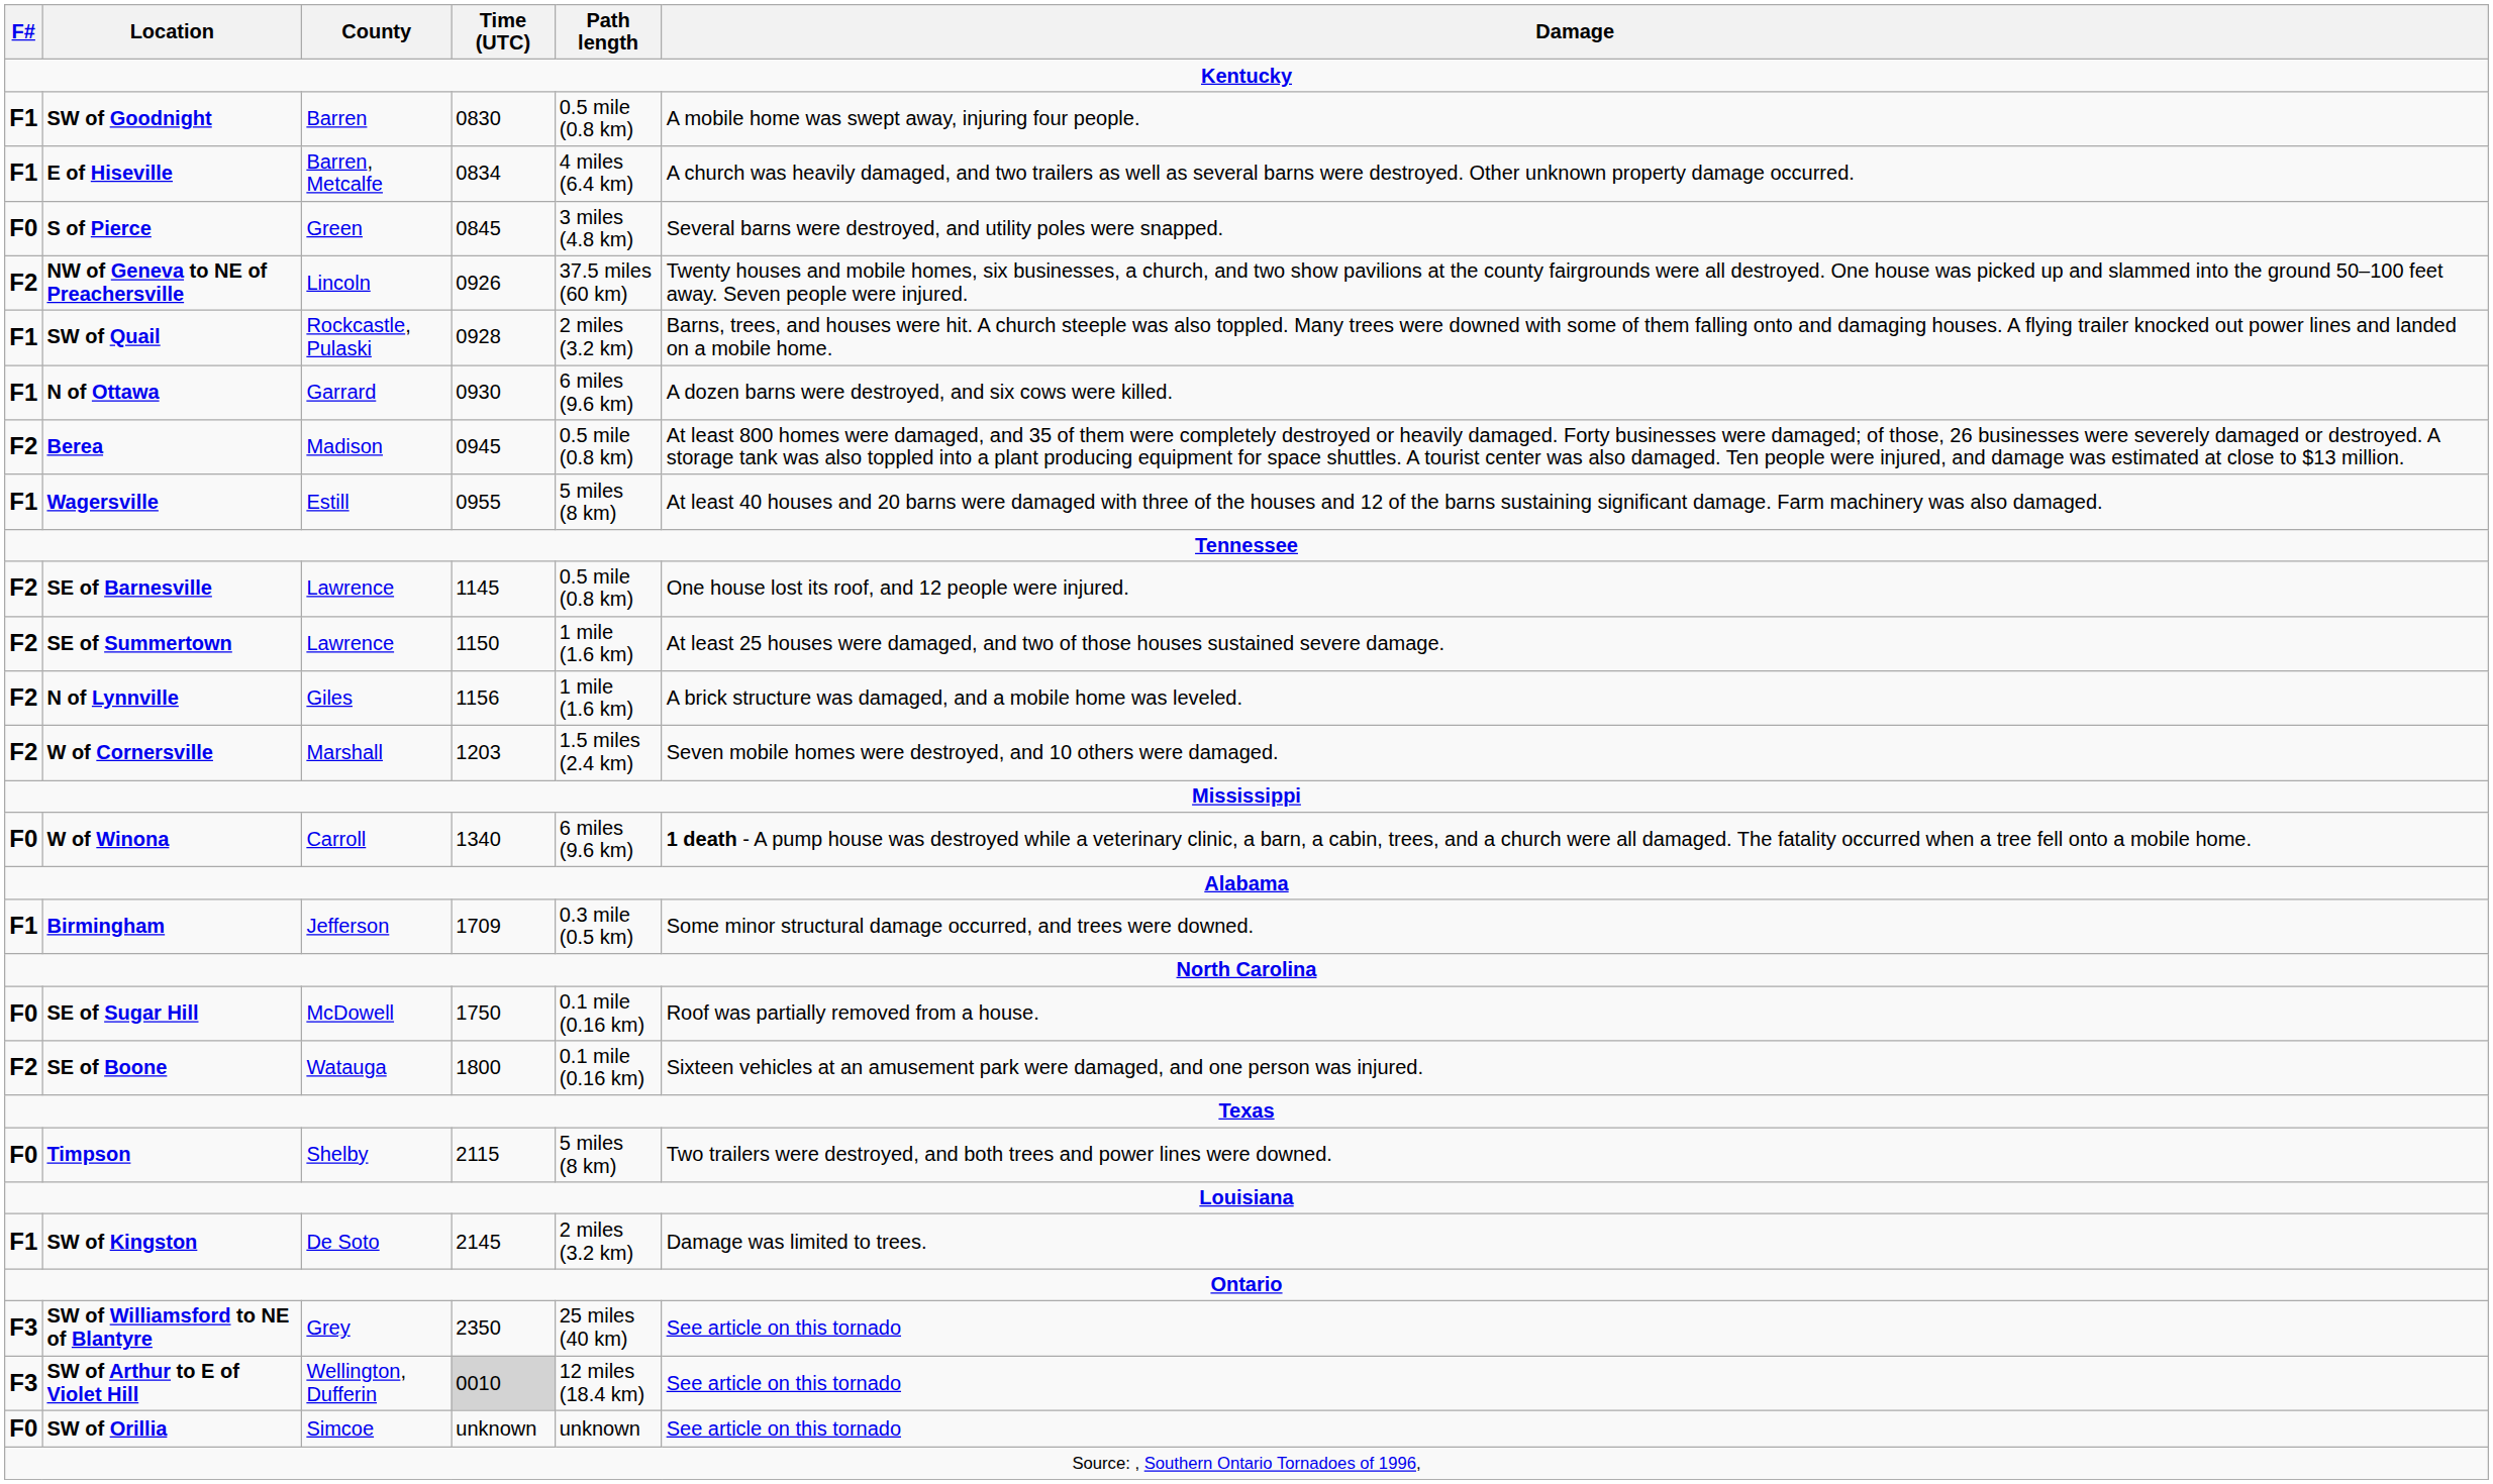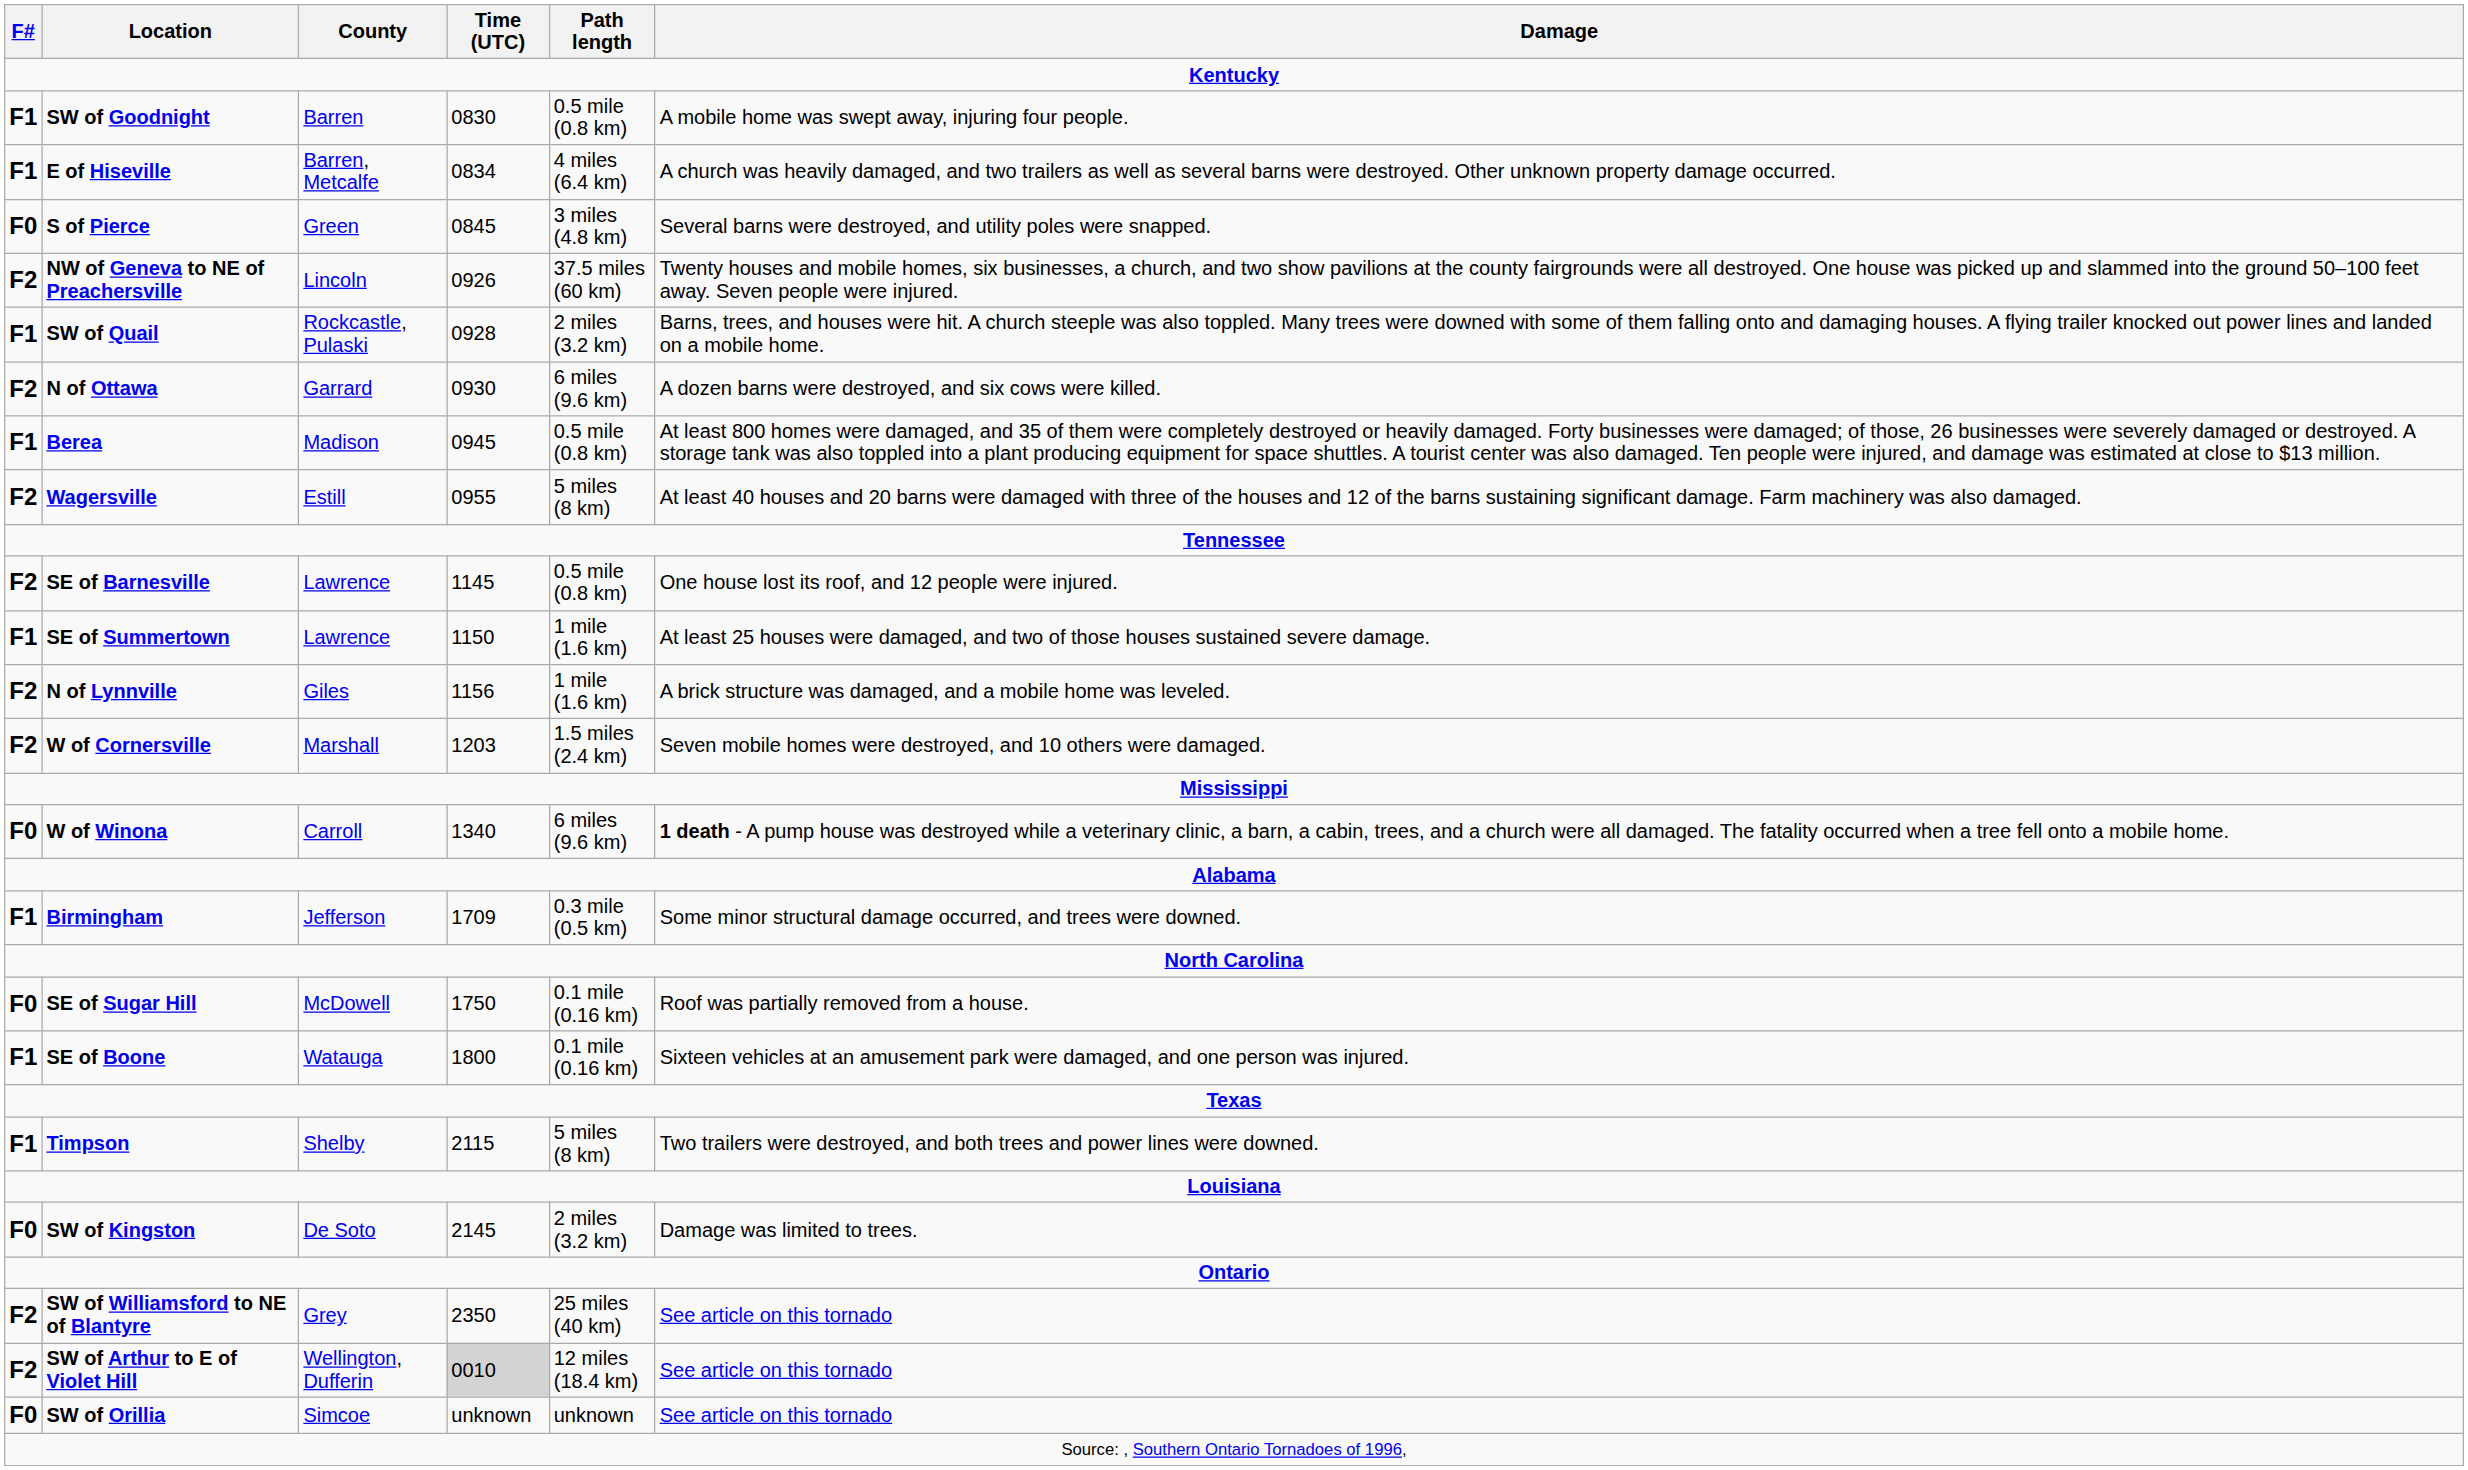 <table class="wikitable">
 <tr>
 <th><strong><a href='#'>F#</a></strong></th>
 <th><strong>Location</strong></th>
 <th><strong>County</strong></th>
 <th><strong>Time (UTC)</strong></th>
 <th><strong>Path length</strong></th>
 <th><strong>Damage</strong></th>
 </tr>
 <tr>
 <td colspan="7" align=center><strong><a href='#'>Kentucky</a></strong></td>
 </tr>
 <tr>
 <td><big><strong>F1</strong></big></td>
 <td><strong>SW of <a href='#'>Goodnight</a></strong></td>
 <td><a href='#'>Barren</a></td>
 <td>0830</td>
 <td>0.5 mile <br>(0.8 km)</td>
 <td>A mobile home was swept away, injuring four people.</td>
 </tr>
 <tr>
 <td><big><strong>F1</strong></big></td>
 <td><strong>E of <a href='#'>Hiseville</a></strong></td>
 <td><a href='#'>Barren</a>, <a href='#'>Metcalfe</a></td>
 <td>0834</td>
 <td>4 miles <br>(6.4 km)</td>
 <td>A church was heavily damaged, and two trailers as well as several barns were destroyed. Other unknown property damage occurred.</td>
 </tr>
 <tr>
 <td><big><strong>F0</strong></big></td>
 <td><strong>S of <a href='#'>Pierce</a></strong></td>
 <td><a href='#'>Green</a></td>
 <td>0845</td>
 <td>3 miles <br>(4.8 km)</td>
 <td>Several barns were destroyed, and utility poles were snapped.</td>
 </tr>
 <tr>
 <td><big><strong>F2</strong></big></td>
 <td><strong>NW of <a href='#'>Geneva</a> to NE of <a href='#'>Preachersville</a></strong></td>
 <td><a href='#'>Lincoln</a></td>
 <td>0926</td>
 <td>37.5 miles <br> (60 km)</td>
 <td>Twenty houses and mobile homes, six businesses, a church, and two show pavilions at the county fairgrounds were all destroyed. One house was picked up and slammed into the ground 50–100 feet away. Seven people were injured.</td>
 </tr>
 <tr>
 <td><big><strong>F1</strong></big></td>
 <td><strong>SW of <a href='#'>Quail</a></strong></td>
 <td><a href='#'>Rockcastle</a>, <a href='#'>Pulaski</a></td>
 <td>0928</td>
 <td>2 miles <br>(3.2 km)</td>
 <td>Barns, trees, and houses were hit. A church steeple was also toppled. Many trees were downed with some of them falling onto and damaging houses. A flying trailer knocked out power lines and landed on a mobile home.</td>
 </tr>
 <tr>
-<td><big><strong>F1</strong></big></td>
+<td><big><strong>F2</strong></big></td>
 <td><strong>N of <a href='#'>Ottawa</a></strong></td>
 <td><a href='#'>Garrard</a></td>
 <td>0930</td>
 <td>6 miles <br>(9.6 km)</td>
 <td>A dozen barns were destroyed, and six cows were killed.</td>
 </tr>
 <tr>
-<td><big><strong>F2</strong></big></td>
+<td><big><strong>F1</strong></big></td>
 <td><strong><a href='#'>Berea</a></strong></td>
 <td><a href='#'>Madison</a></td>
 <td>0945</td>
 <td>0.5 mile <br>(0.8 km)</td>
 <td>At least 800 homes were damaged, and 35 of them were completely destroyed or heavily damaged. Forty businesses were damaged; of those, 26 businesses were severely damaged or destroyed. A storage tank was also toppled into a plant producing equipment for space shuttles. A tourist center was also damaged. Ten people were injured, and damage was estimated at close to $13 million.</td>
 </tr>
 <tr>
-<td><big><strong>F1</strong></big></td>
+<td><big><strong>F2</strong></big></td>
 <td><strong><a href='#'>Wagersville</a></strong></td>
 <td><a href='#'>Estill</a></td>
 <td>0955</td>
 <td>5 miles <br>(8 km)</td>
 <td>At least 40 houses and 20 barns were damaged with three of the houses and 12 of the barns sustaining significant damage. Farm machinery was also damaged.</td>
 </tr>
 <tr>
 <td colspan="7" align=center><strong><a href='#'>Tennessee</a></strong></td>
 </tr>
 <tr>
 <td><big><strong>F2</strong></big></td>
 <td><strong>SE of <a href='#'>Barnesville</a></strong></td>
 <td><a href='#'>Lawrence</a></td>
 <td>1145</td>
 <td>0.5 mile <br>(0.8 km)</td>
 <td>One house lost its roof, and 12 people were injured.</td>
 </tr>
 <tr>
-<td><big><strong>F2</strong></big></td>
+<td><big><strong>F1</strong></big></td>
 <td><strong>SE of <a href='#'>Summertown</a></strong></td>
 <td><a href='#'>Lawrence</a></td>
 <td>1150</td>
 <td>1 mile <br>(1.6 km)</td>
 <td>At least 25 houses were damaged, and two of those houses sustained severe damage.</td>
 </tr>
 <tr>
 <td><big><strong>F2</strong></big></td>
 <td><strong>N of <a href='#'>Lynnville</a></strong></td>
 <td><a href='#'>Giles</a></td>
 <td>1156</td>
 <td>1 mile <br>(1.6 km)</td>
 <td>A brick structure was damaged, and a mobile home was leveled.</td>
 </tr>
 <tr>
 <td><big><strong>F2</strong></big></td>
 <td><strong>W of <a href='#'>Cornersville</a></strong></td>
 <td><a href='#'>Marshall</a></td>
 <td>1203</td>
 <td>1.5 miles <br>(2.4 km)</td>
 <td>Seven mobile homes were destroyed, and 10 others were damaged.</td>
 </tr>
 <tr>
 <td colspan="7" align=center><strong><a href='#'>Mississippi</a></strong></td>
 </tr>
 <tr>
 <td><big><strong>F0</strong></big></td>
 <td><strong>W of <a href='#'>Winona</a></strong></td>
 <td><a href='#'>Carroll</a></td>
 <td>1340</td>
 <td>6 miles <br>(9.6 km)</td>
 <td><strong>1 death</strong> - A pump house was destroyed while a veterinary clinic, a barn, a cabin, trees, and a church were all damaged. The fatality occurred when a tree fell onto a mobile home.</td>
 </tr>
 <tr>
 <td colspan="7" align=center><strong><a href='#'>Alabama</a></strong></td>
 </tr>
 <tr>
 <td><big><strong>F1</strong></big></td>
 <td><strong><a href='#'>Birmingham</a></strong></td>
 <td><a href='#'>Jefferson</a></td>
 <td>1709</td>
 <td>0.3 mile <br>(0.5 km)</td>
 <td>Some minor structural damage occurred, and trees were downed.</td>
 </tr>
 <tr>
 <td colspan="7" align=center><strong><a href='#'>North Carolina</a></strong></td>
 </tr>
 <tr>
 <td><big><strong>F0</strong></big></td>
 <td><strong>SE of <a href='#'>Sugar Hill</a></strong></td>
 <td><a href='#'>McDowell</a></td>
 <td>1750</td>
 <td>0.1 mile <br>(0.16 km)</td>
 <td>Roof was partially removed from a house.</td>
 </tr>
 <tr>
-<td><big><strong>F2</strong></big></td>
+<td><big><strong>F1</strong></big></td>
 <td><strong>SE of <a href='#'>Boone</a></strong></td>
 <td><a href='#'>Watauga</a></td>
 <td>1800</td>
 <td>0.1 mile <br>(0.16 km)</td>
 <td>Sixteen vehicles at an amusement park were damaged, and one person was injured.</td>
 </tr>
 <tr>
 <td colspan="7" align=center><strong><a href='#'>Texas</a></strong></td>
 </tr>
 <tr>
-<td><big><strong>F0</strong></big></td>
+<td><big><strong>F1</strong></big></td>
 <td><strong><a href='#'>Timpson</a></strong></td>
 <td><a href='#'>Shelby</a></td>
 <td>2115</td>
 <td>5 miles <br>(8 km)</td>
 <td>Two trailers were destroyed, and both trees and power lines were downed.</td>
 </tr>
 <tr>
 <td colspan="7" align=center><strong><a href='#'>Louisiana</a></strong></td>
 </tr>
 <tr>
-<td><big><strong>F1</strong></big></td>
+<td><big><strong>F0</strong></big></td>
 <td><strong>SW of <a href='#'>Kingston</a></strong></td>
 <td><a href='#'>De Soto</a></td>
 <td>2145</td>
 <td>2 miles <br>(3.2 km)</td>
 <td>Damage was limited to trees.</td>
 </tr>
 <tr>
 <td colspan="7" align=center><strong><a href='#'>Ontario</a></strong></td>
 </tr>
 <tr>
-<td><big><strong>F3</strong></big></td>
+<td><big><strong>F2</strong></big></td>
 <td><strong>SW of <a href='#'>Williamsford</a> to NE of <a href='#'>Blantyre</a></strong></td>
 <td><a href='#'>Grey</a></td>
 <td>2350</td>
 <td>25 miles <br> (40 km)</td>
 <td><a href='#'>See article on this tornado</a></td>
 </tr>
 <tr>
-<td><big><strong>F3</strong></big></td>
+<td><big><strong>F2</strong></big></td>
 <td><strong>SW of <a href='#'>Arthur</a> to E of <a href='#'>Violet Hill</a></strong></td>
 <td><a href='#'>Wellington</a>, <a href='#'>Dufferin</a></td>
 <td style="background: lightgrey;">0010</td>
 <td>12 miles <br>(18.4 km)</td>
 <td><a href='#'>See article on this tornado</a></td>
 </tr>
 <tr>
 <td><big><strong>F0</strong></big></td>
 <td><strong>SW of <a href='#'>Orillia</a></strong></td>
 <td><a href='#'>Simcoe</a></td>
 <td>unknown</td>
 <td>unknown</td>
 <td><a href='#'>See article on this tornado</a></td>
 </tr>
 <tr>
 <td colspan="7" align=center><small>Source: , <a href='#'>Southern Ontario Tornadoes of 1996</a>, </small></td>
 </tr>
 <tr>
 </tr>
 </table>
